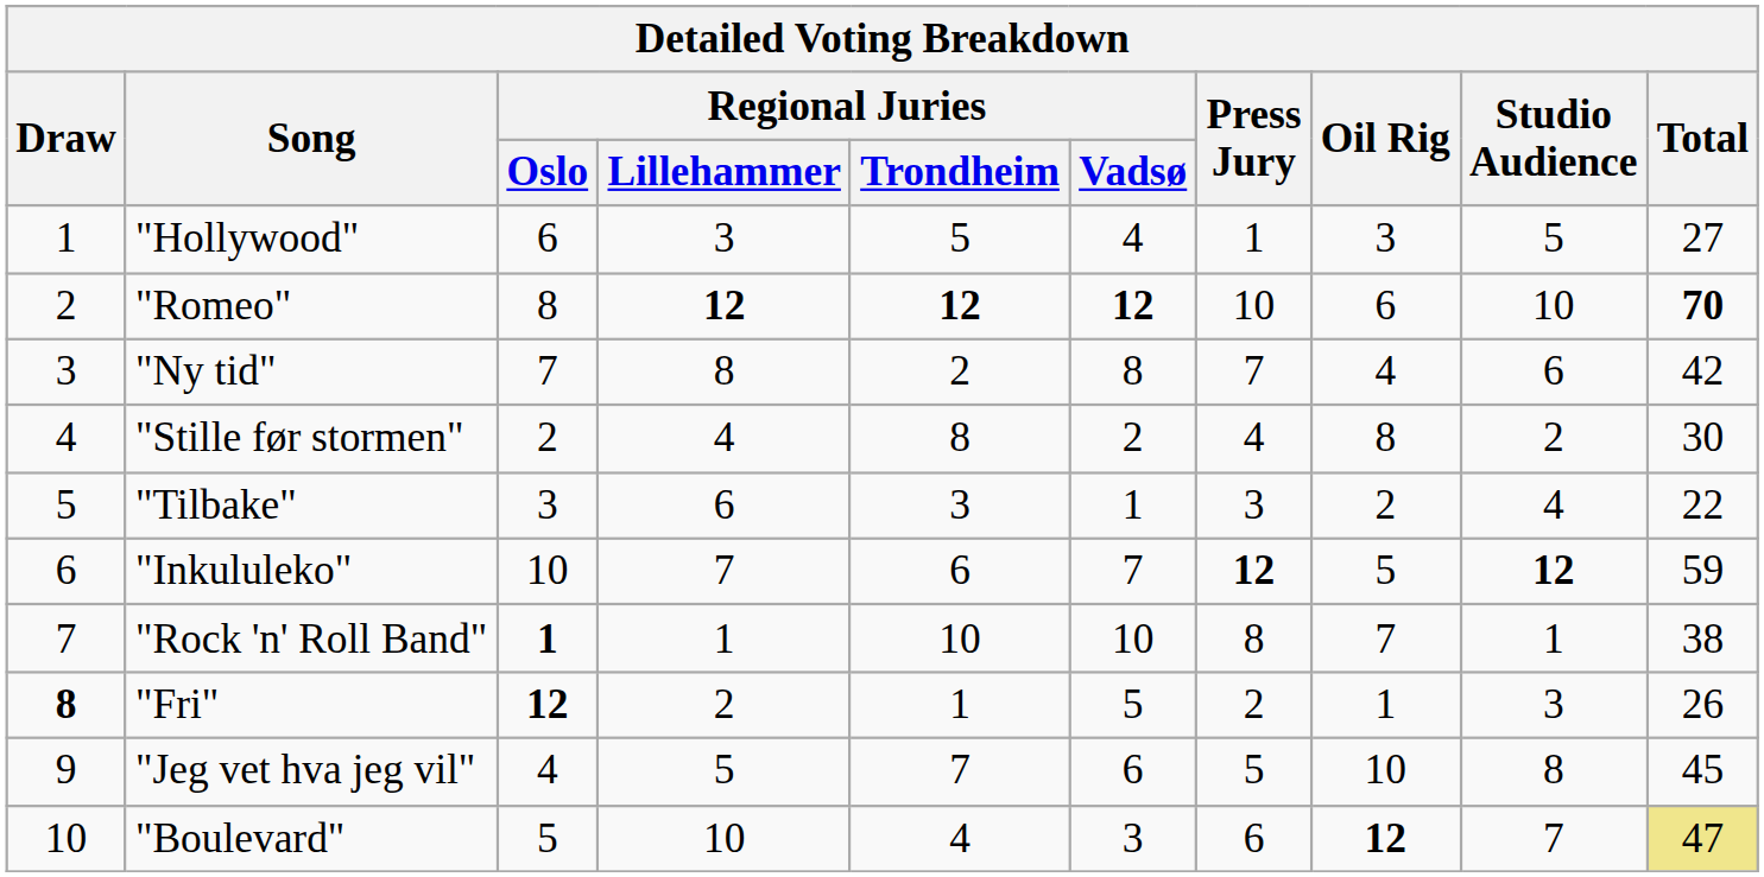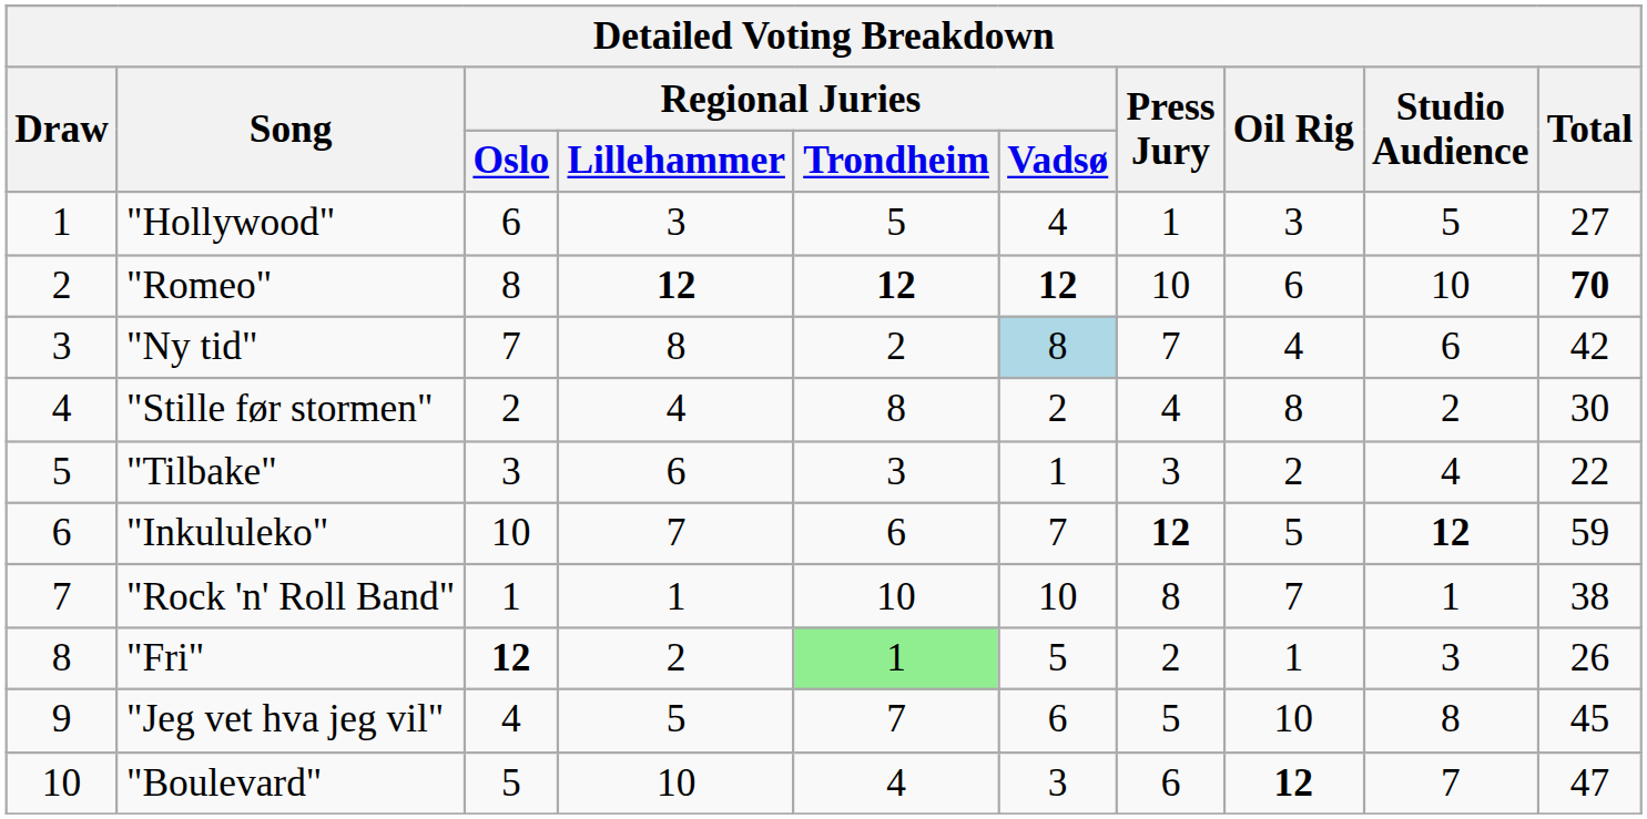 <table class="wikitable collapsible" style="margin: 1em auto 1em auto; text-align:center;">
 <tr>
 <th colspan="10">Detailed Voting Breakdown</th>
 </tr>
 <tr>
 <th rowspan="2">Draw</th>
 <th rowspan="2">Song</th>
 <th colspan="4">Regional Juries</th>
 <th rowspan="2">Press<br>Jury</th>
 <th rowspan="2">Oil Rig</th>
 <th rowspan="2">Studio<br>Audience</th>
 <th rowspan="2">Total</th>
 </tr>
 <tr>
 <th><a href='#'>Oslo</a></th>
 <th><a href='#'>Lillehammer</a></th>
 <th><a href='#'>Trondheim</a></th>
 <th><a href='#'>Vadsø</a></th>
 </tr>
 <tr>
 <td>1</td>
 <td align="left">"Hollywood"</td>
 <td>6</td>
 <td>3</td>
 <td>5</td>
 <td>4</td>
 <td>1</td>
 <td>3</td>
 <td>5</td>
 <td>27</td>
 </tr>
 <tr>
 <td>2</td>
 <td align="left">"Romeo"</td>
 <td>8</td>
 <td><strong>12</strong></td>
 <td><strong>12</strong></td>
 <td><strong>12</strong></td>
 <td>10</td>
 <td>6</td>
 <td>10</td>
 <td><strong>70</strong></td>
 </tr>
 <tr>
 <td>3</td>
 <td align="left">"Ny tid"</td>
 <td>7</td>
 <td>8</td>
 <td>2</td>
-<td>8</td>
+<td style="background: lightblue;">8</td>
 <td>7</td>
 <td>4</td>
 <td>6</td>
 <td>42</td>
 </tr>
 <tr>
 <td>4</td>
 <td align="left">"Stille før stormen"</td>
 <td>2</td>
 <td>4</td>
 <td>8</td>
 <td>2</td>
 <td>4</td>
 <td>8</td>
 <td>2</td>
 <td>30</td>
 </tr>
 <tr>
 <td>5</td>
 <td align="left">"Tilbake"</td>
 <td>3</td>
 <td>6</td>
 <td>3</td>
 <td>1</td>
 <td>3</td>
 <td>2</td>
 <td>4</td>
 <td>22</td>
 </tr>
 <tr>
 <td>6</td>
 <td align="left">"Inkululeko"</td>
 <td>10</td>
 <td>7</td>
 <td>6</td>
 <td>7</td>
 <td><strong>12</strong></td>
 <td>5</td>
 <td><strong>12</strong></td>
 <td>59</td>
 </tr>
 <tr>
 <td>7</td>
 <td align="left">"Rock 'n' Roll Band"</td>
-<td><strong>1</strong></td>
+<td>1</td>
 <td>1</td>
 <td>10</td>
 <td>10</td>
 <td>8</td>
 <td>7</td>
 <td>1</td>
 <td>38</td>
 </tr>
 <tr>
-<td><strong>8</strong></td>
+<td>8</td>
 <td align="left">"Fri"</td>
 <td><strong>12</strong></td>
 <td>2</td>
-<td>1</td>
+<td style="background: lightgreen;">1</td>
 <td>5</td>
 <td>2</td>
 <td>1</td>
 <td>3</td>
 <td>26</td>
 </tr>
 <tr>
 <td>9</td>
 <td align="left">"Jeg vet hva jeg vil"</td>
 <td>4</td>
 <td>5</td>
 <td>7</td>
 <td>6</td>
 <td>5</td>
 <td>10</td>
 <td>8</td>
 <td>45</td>
 </tr>
 <tr>
 <td>10</td>
 <td align="left">"Boulevard"</td>
 <td>5</td>
 <td>10</td>
 <td>4</td>
 <td>3</td>
 <td>6</td>
 <td><strong>12</strong></td>
 <td>7</td>
-<td style="background: khaki;">47</td>
+<td>47</td>
 </tr>
 </table>
